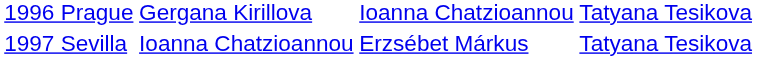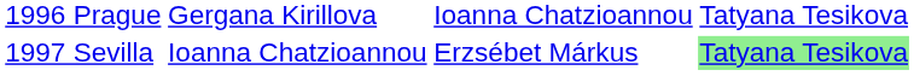 <table>
 <tr>
 <td><a href='#'>1996 Prague</a></td>
 <td> <a href='#'>Gergana Kirillova</a></td>
 <td> <a href='#'>Ioanna Chatzioannou</a></td>
 <td> <a href='#'>Tatyana Tesikova</a></td>
 </tr>
 <tr>
 <td><a href='#'>1997 Sevilla</a></td>
 <td> <a href='#'>Ioanna Chatzioannou</a></td>
 <td> <a href='#'>Erzsébet Márkus</a></td>
-<td> <a href='#'>Tatyana Tesikova</a></td>
+<td style="background: lightgreen;"> <a href='#'>Tatyana Tesikova</a></td>
 </tr>
 </table>
